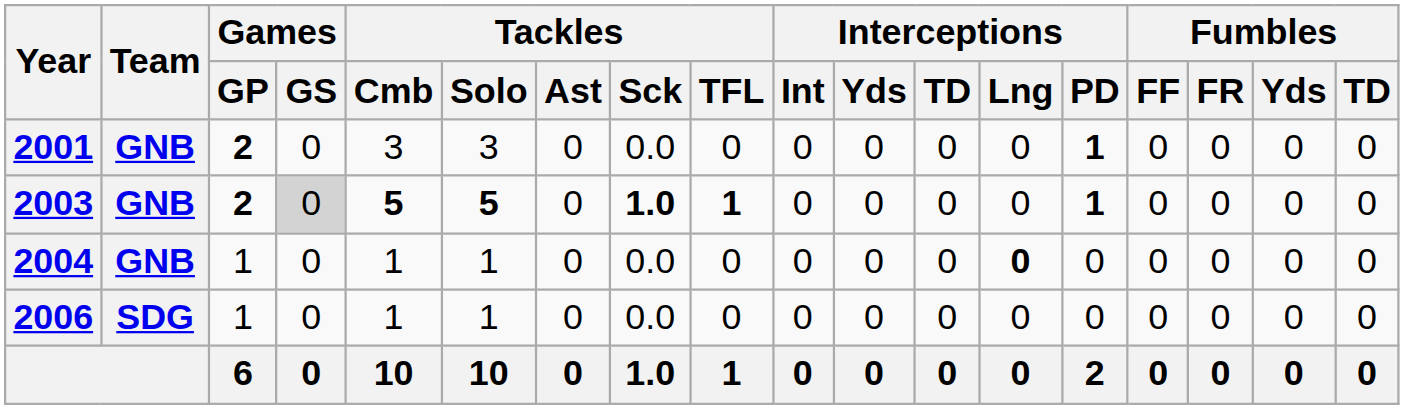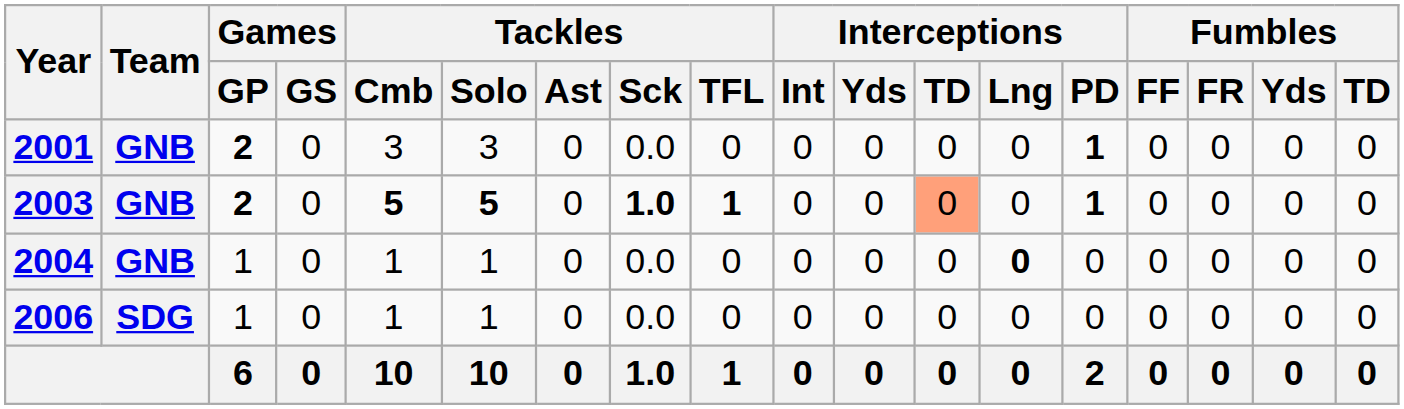 <table class="wikitable" style="text-align:center">
 <tr>
 <th rowspan="2">Year</th>
 <th rowspan="2">Team</th>
 <th colspan="2">Games</th>
 <th colspan="5">Tackles</th>
 <th colspan="5">Interceptions</th>
 <th colspan="4">Fumbles</th>
 </tr>
 <tr>
 <th>GP</th>
 <th>GS</th>
 <th>Cmb</th>
 <th>Solo</th>
 <th>Ast</th>
 <th>Sck</th>
 <th>TFL</th>
 <th>Int</th>
 <th>Yds</th>
 <th>TD</th>
 <th>Lng</th>
 <th>PD</th>
 <th>FF</th>
 <th>FR</th>
 <th>Yds</th>
 <th>TD</th>
 </tr>
 <tr>
 <th><a href='#'>2001</a></th>
 <th><a href='#'>GNB</a></th>
 <td><strong>2</strong></td>
 <td>0</td>
 <td>3</td>
 <td>3</td>
 <td>0</td>
 <td>0.0</td>
 <td>0</td>
 <td>0</td>
 <td>0</td>
 <td>0</td>
 <td>0</td>
 <td><strong>1</strong></td>
 <td>0</td>
 <td>0</td>
 <td>0</td>
 <td>0</td>
 </tr>
 <tr>
 <th><a href='#'>2003</a></th>
 <th><a href='#'>GNB</a></th>
 <td><strong>2</strong></td>
-<td style="background: lightgrey;">0</td>
+<td>0</td>
 <td><strong>5</strong></td>
 <td><strong>5</strong></td>
 <td>0</td>
 <td><strong>1.0</strong></td>
 <td><strong>1</strong></td>
 <td>0</td>
 <td>0</td>
-<td>0</td>
+<td style="background: lightsalmon;">0</td>
 <td>0</td>
 <td><strong>1</strong></td>
 <td>0</td>
 <td>0</td>
 <td>0</td>
 <td>0</td>
 </tr>
 <tr>
 <th><a href='#'>2004</a></th>
 <th><a href='#'>GNB</a></th>
 <td>1</td>
 <td>0</td>
 <td>1</td>
 <td>1</td>
 <td>0</td>
 <td>0.0</td>
 <td>0</td>
 <td>0</td>
 <td>0</td>
 <td>0</td>
 <td><strong>0</strong></td>
 <td>0</td>
 <td>0</td>
 <td>0</td>
 <td>0</td>
 <td>0</td>
 </tr>
 <tr>
 <th><a href='#'>2006</a></th>
 <th><a href='#'>SDG</a></th>
 <td>1</td>
 <td>0</td>
 <td>1</td>
 <td>1</td>
 <td>0</td>
 <td>0.0</td>
 <td>0</td>
 <td>0</td>
 <td>0</td>
 <td>0</td>
 <td>0</td>
 <td>0</td>
 <td>0</td>
 <td>0</td>
 <td>0</td>
 <td>0</td>
 </tr>
 <tr>
 <th colspan="2"></th>
 <th>6</th>
 <th>0</th>
 <th>10</th>
 <th>10</th>
 <th>0</th>
 <th>1.0</th>
 <th>1</th>
 <th>0</th>
 <th>0</th>
 <th>0</th>
 <th>0</th>
 <th>2</th>
 <th>0</th>
 <th>0</th>
 <th>0</th>
 <th>0</th>
 </tr>
 </table>
